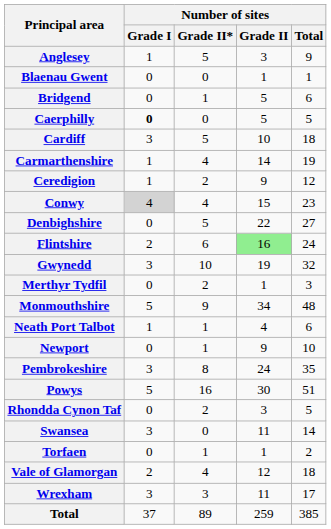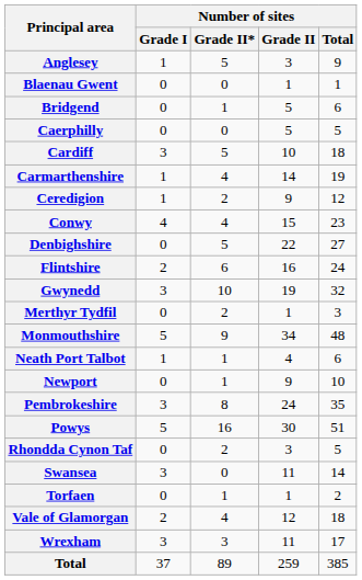 <table class="wikitable sortable plainrowheaders" style="text-align: center;">
 <tr>
 <th scope="col" rowspan="2">Principal area</th>
 <th scope="col" colspan="4">Number of sites</th>
 </tr>
 <tr>
 <th>Grade I</th>
 <th>Grade II*</th>
 <th>Grade II</th>
 <th scope="col">Total</th>
 </tr>
 <tr>
 <th scope="row"><a href='#'>Anglesey</a></th>
 <td>1</td>
 <td>5</td>
 <td>3</td>
 <td>9</td>
 </tr>
 <tr>
 <th scope="row"><a href='#'>Blaenau Gwent</a></th>
 <td>0</td>
 <td>0</td>
 <td>1</td>
 <td>1</td>
 </tr>
 <tr>
 <th scope="row"><a href='#'>Bridgend</a></th>
 <td>0</td>
 <td>1</td>
 <td>5</td>
 <td>6</td>
 </tr>
 <tr>
 <th scope="row"><a href='#'>Caerphilly</a></th>
-<td><strong>0</strong></td>
+<td>0</td>
 <td>0</td>
 <td>5</td>
 <td>5</td>
 </tr>
 <tr>
 <th scope="row"><a href='#'>Cardiff</a></th>
 <td>3</td>
 <td>5</td>
 <td>10</td>
 <td>18</td>
 </tr>
 <tr>
 <th scope="row"><a href='#'>Carmarthenshire</a></th>
 <td>1</td>
 <td>4</td>
 <td>14</td>
 <td>19</td>
 </tr>
 <tr>
 <th scope="row"><a href='#'>Ceredigion</a></th>
 <td>1</td>
 <td>2</td>
 <td>9</td>
 <td>12</td>
 </tr>
 <tr>
 <th scope="row"><a href='#'>Conwy</a></th>
-<td style="background: lightgrey;">4</td>
+<td>4</td>
 <td>4</td>
 <td>15</td>
 <td>23</td>
 </tr>
 <tr>
 <th scope="row"><a href='#'>Denbighshire</a></th>
 <td>0</td>
 <td>5</td>
 <td>22</td>
 <td>27</td>
 </tr>
 <tr>
 <th scope="row"><a href='#'>Flintshire</a></th>
 <td>2</td>
 <td>6</td>
-<td style="background: lightgreen;">16</td>
+<td>16</td>
 <td>24</td>
 </tr>
 <tr>
 <th scope="row"><a href='#'>Gwynedd</a></th>
 <td>3</td>
 <td>10</td>
 <td>19</td>
 <td>32</td>
 </tr>
 <tr>
 <th scope="row"><a href='#'>Merthyr Tydfil</a></th>
 <td>0</td>
 <td>2</td>
 <td>1</td>
 <td>3</td>
 </tr>
 <tr>
 <th scope="row"><a href='#'>Monmouthshire</a></th>
 <td>5</td>
 <td>9</td>
 <td>34</td>
 <td>48</td>
 </tr>
 <tr>
 <th scope="row"><a href='#'>Neath Port Talbot</a></th>
 <td>1</td>
 <td>1</td>
 <td>4</td>
 <td>6</td>
 </tr>
 <tr>
 <th scope="row"><a href='#'>Newport</a></th>
 <td>0</td>
 <td>1</td>
 <td>9</td>
 <td>10</td>
 </tr>
 <tr>
 <th scope="row"><a href='#'>Pembrokeshire</a></th>
 <td>3</td>
 <td>8</td>
 <td>24</td>
 <td>35</td>
 </tr>
 <tr>
 <th scope="row"><a href='#'>Powys</a></th>
 <td>5</td>
 <td>16</td>
 <td>30</td>
 <td>51</td>
 </tr>
 <tr>
 <th scope="row"><a href='#'>Rhondda Cynon Taf</a></th>
 <td>0</td>
 <td>2</td>
 <td>3</td>
 <td>5</td>
 </tr>
 <tr>
 <th scope="row"><a href='#'>Swansea</a></th>
 <td>3</td>
 <td>0</td>
 <td>11</td>
 <td>14</td>
 </tr>
 <tr>
 <th scope="row"><a href='#'>Torfaen</a></th>
 <td>0</td>
 <td>1</td>
 <td>1</td>
 <td>2</td>
 </tr>
 <tr>
 <th scope="row"><a href='#'>Vale of Glamorgan</a></th>
 <td>2</td>
 <td>4</td>
 <td>12</td>
 <td>18</td>
 </tr>
 <tr>
 <th scope="row"><a href='#'>Wrexham</a></th>
 <td>3</td>
 <td>3</td>
 <td>11</td>
 <td>17</td>
 </tr>
 <tr class="sortbottom">
 <th scope="row"><strong>Total</strong></th>
 <td>37</td>
 <td>89</td>
 <td>259</td>
 <td>385</td>
 </tr>
 </table>
